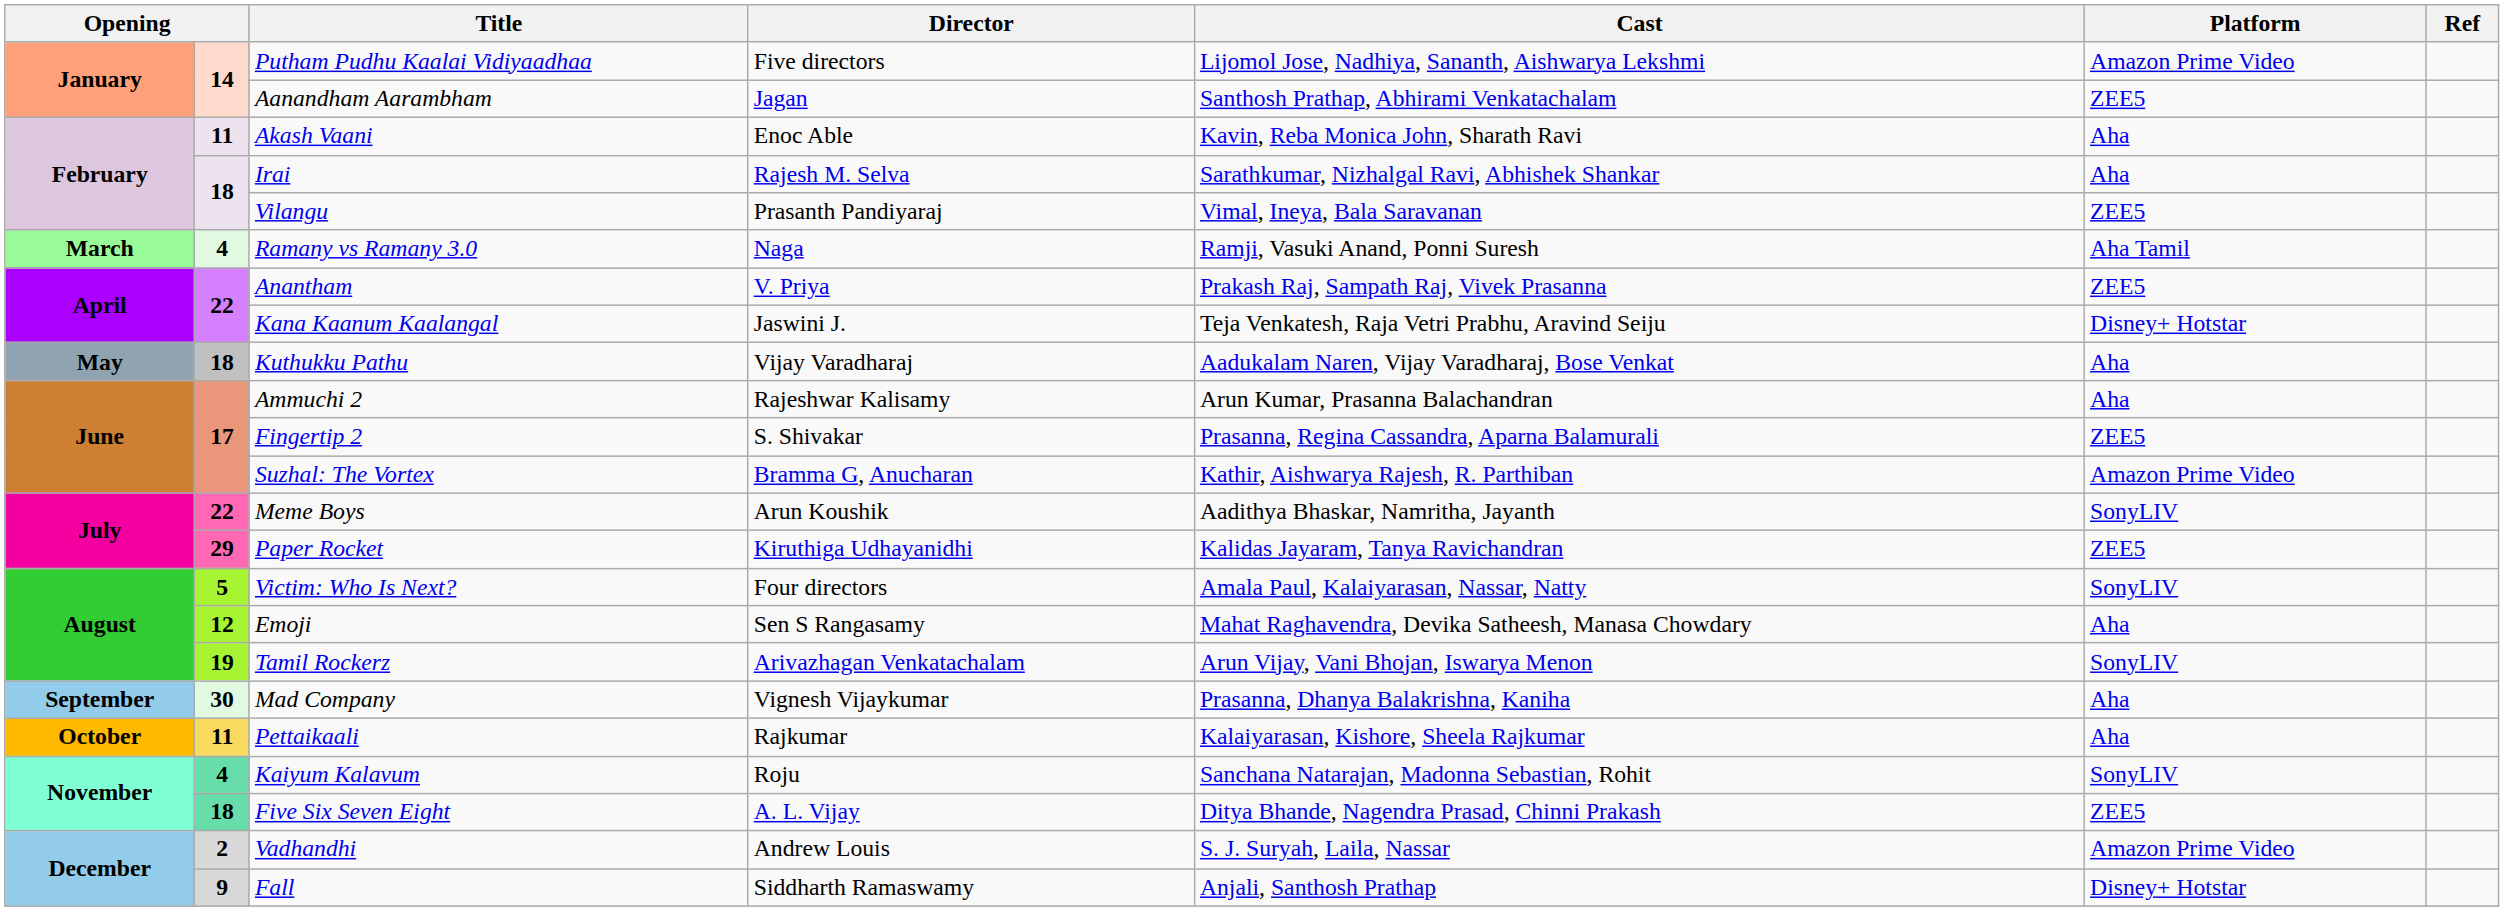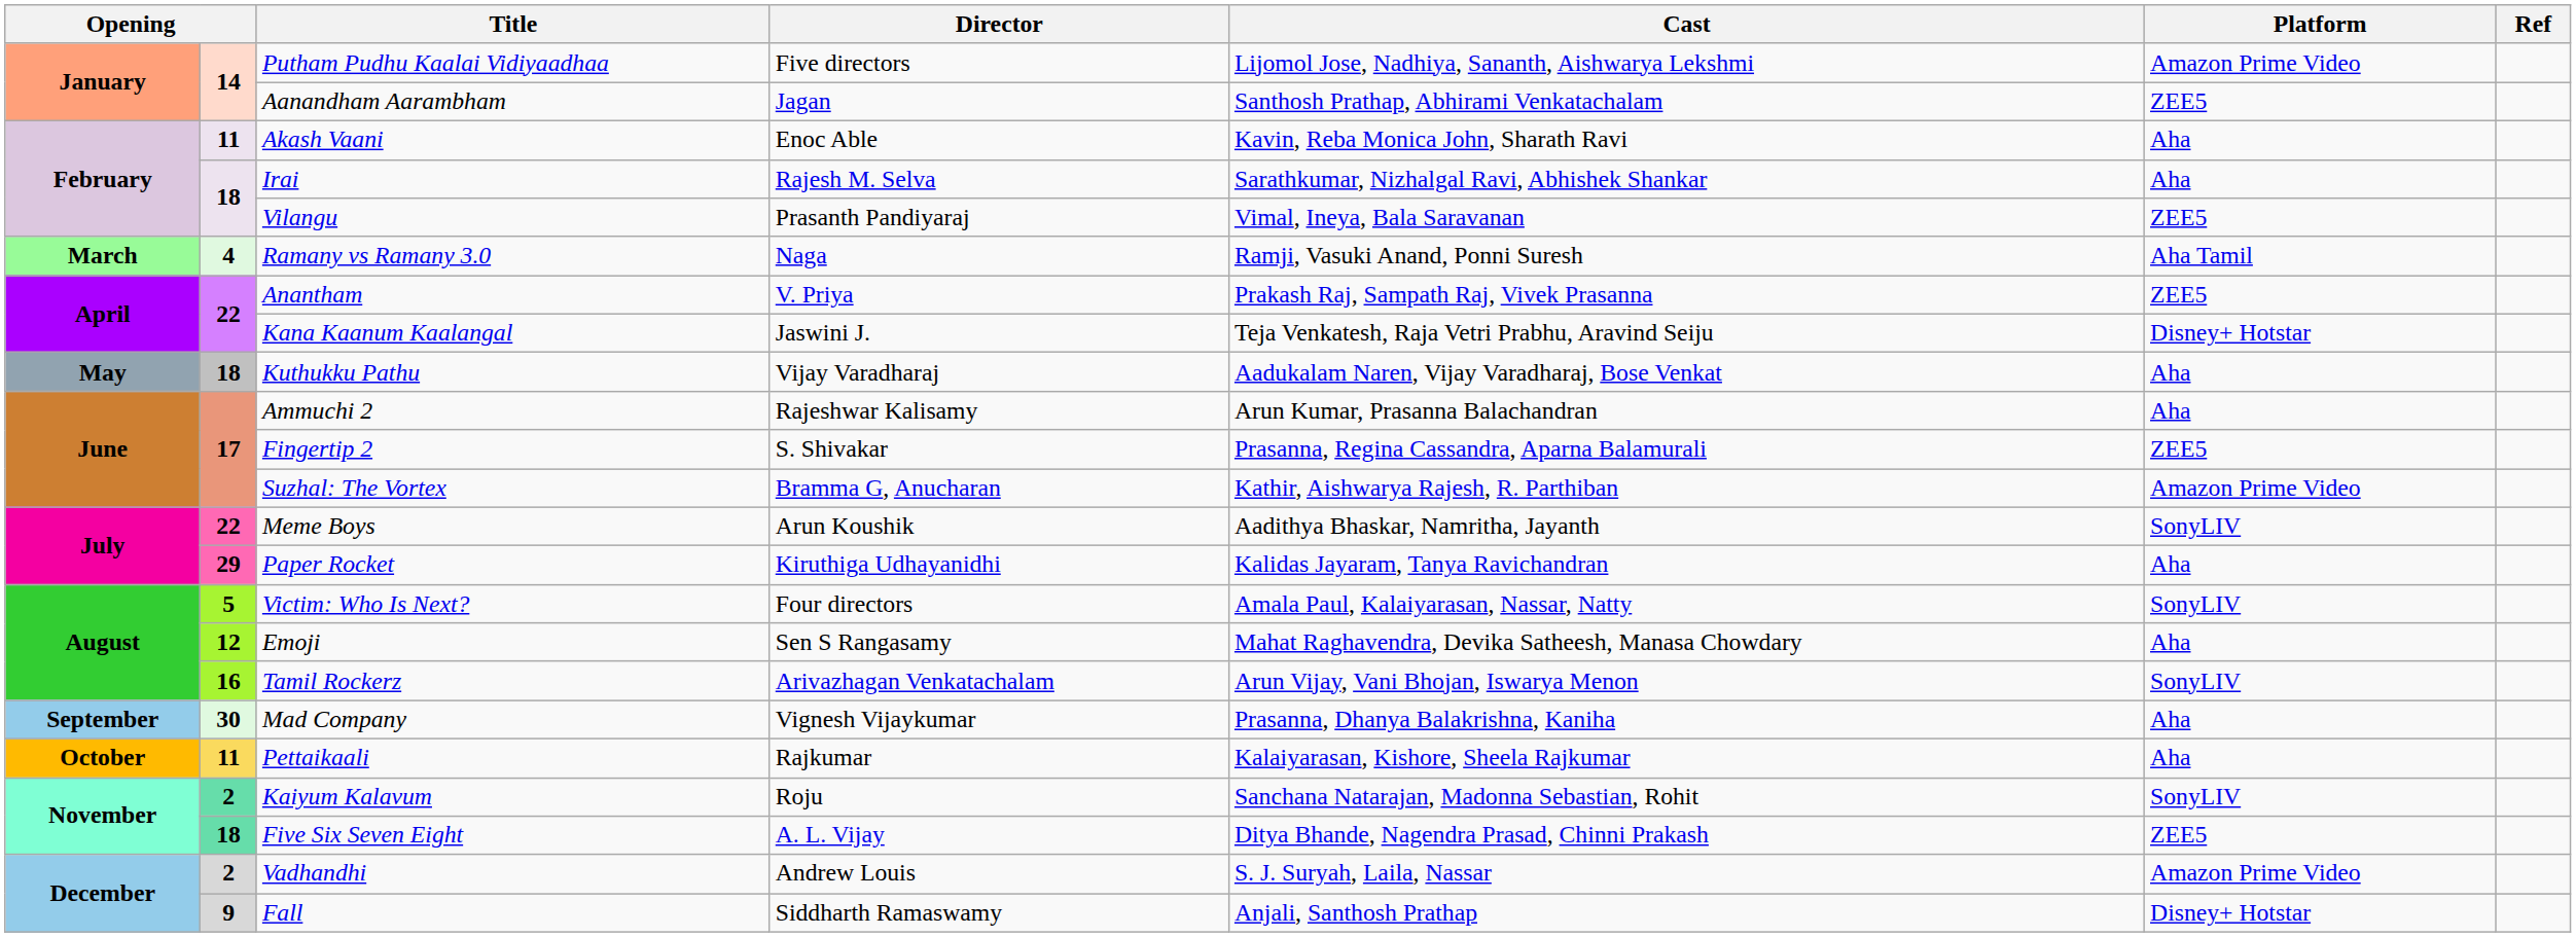 <table class="wikitable" width="85%">
 <tr>
 <th colspan="2">Opening</th>
 <th style="width:20%;">Title</th>
 <th>Director</th>
 <th>Cast</th>
 <th>Platform</th>
 <th>Ref</th>
 </tr>
 <tr>
 <td rowspan="2" style="text-align:center; background:#ffa07a; textcolor:#000;"><strong>January</strong></td>
 <td rowspan="2" style="text-align:center; background:#ffdacc;"><strong>14</strong></td>
 <td><em><a href='#'>Putham Pudhu Kaalai Vidiyaadhaa</a></em></td>
 <td>Five directors</td>
 <td><a href='#'>Lijomol Jose</a>, <a href='#'>Nadhiya</a>, <a href='#'>Sananth</a>, <a href='#'>Aishwarya Lekshmi</a></td>
 <td><a href='#'>Amazon Prime Video</a></td>
 <td></td>
 </tr>
 <tr>
 <td><em>Aanandham Aarambham</em></td>
 <td><a href='#'>Jagan</a></td>
 <td><a href='#'>Santhosh Prathap</a>, <a href='#'>Abhirami Venkatachalam</a></td>
 <td><a href='#'>ZEE5</a></td>
 <td></td>
 </tr>
 <tr>
 <td rowspan="3" style="text-align:center; background:#dcc7df; textcolor:#000;"><strong>February</strong></td>
 <td style="text-align:center; background:#ede3ef;"><strong>11</strong></td>
 <td><em><a href='#'>Akash Vaani</a></em></td>
 <td>Enoc Able</td>
 <td><a href='#'>Kavin</a>, <a href='#'>Reba Monica John</a>, Sharath Ravi</td>
 <td><a href='#'>Aha</a></td>
 <td></td>
 </tr>
 <tr>
 <td rowspan="2" style="text-align:center; background:#ede3ef;"><strong>18</strong></td>
 <td><em><a href='#'>Irai</a></em></td>
 <td><a href='#'>Rajesh M. Selva</a></td>
 <td><a href='#'>Sarathkumar</a>, <a href='#'>Nizhalgal Ravi</a>, <a href='#'>Abhishek Shankar</a></td>
 <td><a href='#'>Aha</a></td>
 <td></td>
 </tr>
 <tr>
 <td><em><a href='#'>Vilangu</a></em></td>
 <td>Prasanth Pandiyaraj</td>
 <td><a href='#'>Vimal</a>, <a href='#'>Ineya</a>, <a href='#'>Bala Saravanan</a></td>
 <td><a href='#'>ZEE5</a></td>
 <td></td>
 </tr>
 <tr>
 <td style="text-align:center; background:#98fb98; textcolor:#000;"><strong>March</strong></td>
 <td style="text-align:center; background:#e0f9e0;"><strong>4</strong></td>
 <td><em><a href='#'>Ramany vs Ramany 3.0</a></em></td>
 <td><a href='#'>Naga</a></td>
 <td><a href='#'>Ramji</a>, Vasuki Anand, Ponni Suresh</td>
 <td><a href='#'>Aha Tamil</a></td>
 <td></td>
 </tr>
 <tr>
 <td rowspan="2" style="text-align:center; background:#a0f; textcolor:#d580ff;"><strong>April</strong></td>
 <td rowspan="2" style="text-align:center; background:#d580ff"><strong>22</strong></td>
 <td><em><a href='#'>Anantham</a></em></td>
 <td><a href='#'>V. Priya</a></td>
 <td><a href='#'>Prakash Raj</a>, <a href='#'>Sampath Raj</a>, <a href='#'>Vivek Prasanna</a></td>
 <td><a href='#'>ZEE5</a></td>
 <td></td>
 </tr>
 <tr>
 <td><em><a href='#'>Kana Kaanum Kaalangal</a></em></td>
 <td>Jaswini J.</td>
 <td>Teja Venkatesh, Raja Vetri Prabhu, Aravind Seiju</td>
 <td><a href='#'>Disney+ Hotstar</a></td>
 <td></td>
 </tr>
 <tr>
 <td style="text-align:center; background:#91a3b0; textcolor:#000;"><strong>May</strong></td>
 <td style="text-align:center; background:silver;"><strong>18</strong></td>
 <td><em><a href='#'>Kuthukku Pathu</a></em></td>
 <td>Vijay Varadharaj</td>
 <td><a href='#'>Aadukalam Naren</a>, Vijay Varadharaj, <a href='#'>Bose Venkat</a></td>
 <td><a href='#'>Aha</a></td>
 <td></td>
 </tr>
 <tr>
 <td rowspan="3" style="text-align:center; background:#CD7F32; textcolor:#000;"><strong>June</strong></td>
 <td rowspan="3" style="text-align:center; background:#e9967a;"><strong>17</strong></td>
 <td><em>Ammuchi 2</em></td>
 <td>Rajeshwar Kalisamy</td>
 <td>Arun Kumar, Prasanna Balachandran</td>
 <td><a href='#'>Aha</a></td>
 <td></td>
 </tr>
 <tr>
 <td><em><a href='#'>Fingertip 2</a></em></td>
 <td>S. Shivakar</td>
 <td><a href='#'>Prasanna</a>, <a href='#'>Regina Cassandra</a>, <a href='#'>Aparna Balamurali</a></td>
 <td><a href='#'>ZEE5</a></td>
 <td></td>
 </tr>
 <tr>
 <td><em><a href='#'>Suzhal: The Vortex</a></em></td>
 <td><a href='#'>Bramma G</a>, <a href='#'>Anucharan</a></td>
 <td><a href='#'>Kathir</a>, <a href='#'>Aishwarya Rajesh</a>, <a href='#'>R. Parthiban</a></td>
 <td><a href='#'>Amazon Prime Video</a></td>
 <td></td>
 </tr>
 <tr>
 <td rowspan="2" style="text-align:center; background:#F400A1; textcolor:#000;"><strong>July</strong></td>
 <td style="text-align:center; background:hotPink;"><strong>22</strong></td>
 <td><em>Meme Boys</em></td>
 <td>Arun Koushik</td>
 <td>Aadithya Bhaskar, Namritha, Jayanth</td>
 <td><a href='#'>SonyLIV</a></td>
 <td></td>
 </tr>
 <tr>
 <td style="text-align:center; background:hotPink;"><strong>29</strong></td>
 <td><em><a href='#'>Paper Rocket</a></em></td>
 <td><a href='#'>Kiruthiga Udhayanidhi</a></td>
 <td><a href='#'>Kalidas Jayaram</a>, <a href='#'>Tanya Ravichandran</a></td>
-<td><a href='#'>ZEE5</a></td>
+<td><a href='#'>Aha</a></td>
 <td></td>
 </tr>
 <tr>
 <td rowspan="3" style="text-align:center; background:#32CD32; textcolor:#d580ff;"><strong>August</strong></td>
 <td style="text-align:center; background:#a7f432;"><strong>5</strong></td>
 <td><em><a href='#'>Victim: Who Is Next?</a></em></td>
 <td>Four directors</td>
 <td><a href='#'>Amala Paul</a>, <a href='#'>Kalaiyarasan</a>, <a href='#'>Nassar</a>, <a href='#'>Natty</a></td>
 <td><a href='#'>SonyLIV</a></td>
 <td></td>
 </tr>
 <tr>
 <td style="text-align:center; background:#a7f432;"><strong>12</strong></td>
 <td><em>Emoji</em></td>
 <td>Sen S Rangasamy</td>
 <td><a href='#'>Mahat Raghavendra</a>, Devika Satheesh, Manasa Chowdary</td>
 <td><a href='#'>Aha</a></td>
 <td></td>
 </tr>
 <tr>
-<td style="text-align:center; background:#a7f432;"><strong>19</strong></td>
+<td style="text-align:center; background:#a7f432;"><strong>16</strong></td>
 <td><em><a href='#'>Tamil Rockerz</a></em></td>
 <td><a href='#'>Arivazhagan Venkatachalam</a></td>
 <td><a href='#'>Arun Vijay</a>, <a href='#'>Vani Bhojan</a>, <a href='#'>Iswarya Menon</a></td>
 <td><a href='#'>SonyLIV</a></td>
 <td></td>
 </tr>
 <tr>
 <td style="text-align:center; background:#93ccea; textcolor:#000;"><strong>September</strong></td>
 <td style="text-align:center; background:#e0f9e0;"><strong>30</strong></td>
 <td><em>Mad Company</em></td>
 <td>Vignesh Vijaykumar</td>
 <td><a href='#'>Prasanna</a>, <a href='#'>Dhanya Balakrishna</a>, <a href='#'>Kaniha</a></td>
 <td><a href='#'>Aha</a></td>
 <td></td>
 </tr>
 <tr>
 <td rowspan="1" style="text-align:center; background:#ffba00; textcolor:#000;"><strong>October</strong></td>
 <td rowspan="1" style="text-align:center;background:#FADA5E;"><strong>11</strong></td>
 <td><em><a href='#'>Pettaikaali</a></em></td>
 <td>Rajkumar</td>
 <td><a href='#'>Kalaiyarasan</a>, <a href='#'>Kishore</a>, <a href='#'>Sheela Rajkumar</a></td>
 <td><a href='#'>Aha</a></td>
 <td></td>
 </tr>
 <tr>
 <td rowspan="2" style="text-align:center; background:#7fffd4; textcolor:#000;"><strong>November</strong></td>
-<td style="text-align:center; background:#6da;"><strong>4</strong></td>
+<td style="text-align:center; background:#6da;"><strong>2</strong></td>
 <td><em><a href='#'>Kaiyum Kalavum</a></em></td>
 <td>Roju</td>
 <td><a href='#'>Sanchana Natarajan</a>, <a href='#'>Madonna Sebastian</a>, Rohit</td>
 <td><a href='#'>SonyLIV</a></td>
 <td></td>
 </tr>
 <tr>
 <td style="text-align:center; background:#6da;"><strong>18</strong></td>
 <td><em><a href='#'>Five Six Seven Eight</a></em></td>
 <td><a href='#'>A. L. Vijay</a></td>
 <td><a href='#'>Ditya Bhande</a>, <a href='#'>Nagendra Prasad</a>, <a href='#'>Chinni Prakash</a></td>
 <td><a href='#'>ZEE5</a></td>
 <td></td>
 </tr>
 <tr>
 <td rowspan="2" style="text-align:center; background:#93CCEA;"><strong>December</strong></td>
 <td style="text-align:center; background:#6da; background:#d8d8d8;"><strong>2</strong></td>
 <td><em><a href='#'>Vadhandhi</a></em></td>
 <td>Andrew Louis</td>
 <td><a href='#'>S. J. Suryah</a>, <a href='#'>Laila</a>, <a href='#'>Nassar</a></td>
 <td><a href='#'>Amazon Prime Video</a></td>
 <td></td>
 </tr>
 <tr>
 <td style="text-align:center; background:#6da; background:#d8d8d8;"><strong>9</strong></td>
 <td><em><a href='#'>Fall</a></em></td>
 <td>Siddharth Ramaswamy</td>
 <td><a href='#'>Anjali</a>, <a href='#'>Santhosh Prathap</a></td>
 <td><a href='#'>Disney+ Hotstar</a></td>
 <td></td>
 </tr>
 </table>
